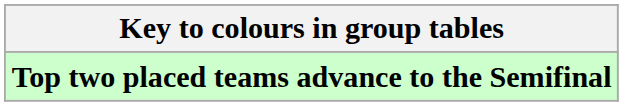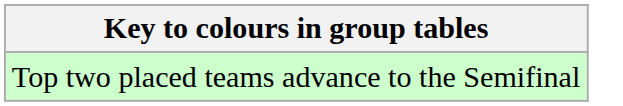 <table class="wikitable">
 <tr>
 <th>Key to colours in group tables</th>
 </tr>
 <tr style="background:#cfc;">
-<td><strong>Top two placed teams advance to the Semifinal</strong></td>
+<td>Top two placed teams advance to the Semifinal</td>
 </tr>
 </table>
